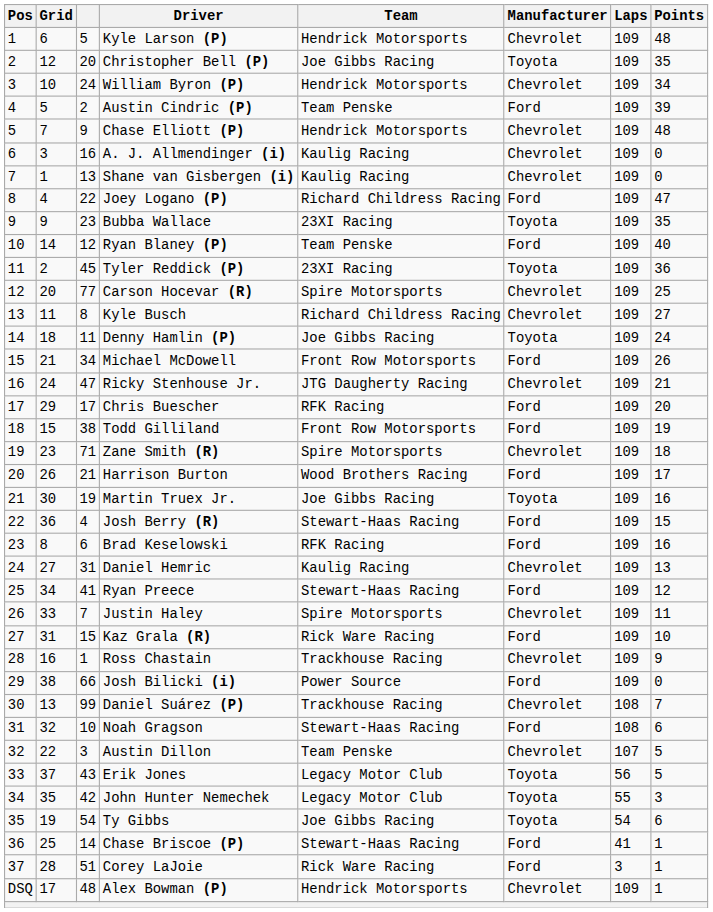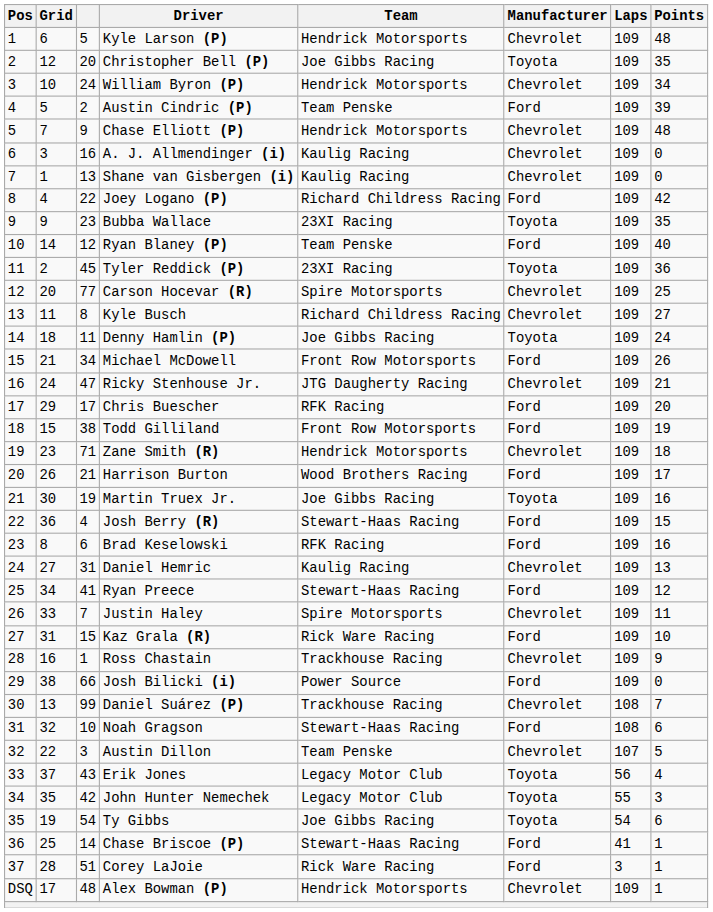 <table class="wikitable" style="font-size:98%">
 <tr>
 <th>Pos</th>
 <th>Grid</th>
 <th></th>
 <th>Driver</th>
 <th>Team</th>
 <th>Manufacturer</th>
 <th>Laps</th>
 <th>Points</th>
 </tr>
 <tr>
 <td>1</td>
 <td>6</td>
 <td>5</td>
 <td>Kyle Larson <strong>(P)</strong></td>
 <td>Hendrick Motorsports</td>
 <td>Chevrolet</td>
 <td>109</td>
 <td>48</td>
 </tr>
 <tr>
 <td>2</td>
 <td>12</td>
 <td>20</td>
 <td>Christopher Bell <strong>(P)</strong></td>
 <td>Joe Gibbs Racing</td>
 <td>Toyota</td>
 <td>109</td>
 <td>35</td>
 </tr>
 <tr>
 <td>3</td>
 <td>10</td>
 <td>24</td>
 <td>William Byron <strong>(P)</strong></td>
 <td>Hendrick Motorsports</td>
 <td>Chevrolet</td>
 <td>109</td>
 <td>34</td>
 </tr>
 <tr>
 <td>4</td>
 <td>5</td>
 <td>2</td>
 <td>Austin Cindric <strong>(P)</strong></td>
 <td>Team Penske</td>
 <td>Ford</td>
 <td>109</td>
 <td>39</td>
 </tr>
 <tr>
 <td>5</td>
 <td>7</td>
 <td>9</td>
 <td>Chase Elliott <strong>(P)</strong></td>
 <td>Hendrick Motorsports</td>
 <td>Chevrolet</td>
 <td>109</td>
 <td>48</td>
 </tr>
 <tr>
 <td>6</td>
 <td>3</td>
 <td>16</td>
 <td>A. J. Allmendinger <strong>(i)</strong></td>
 <td>Kaulig Racing</td>
 <td>Chevrolet</td>
 <td>109</td>
 <td>0</td>
 </tr>
 <tr>
 <td>7</td>
 <td>1</td>
 <td>13</td>
 <td>Shane van Gisbergen <strong>(i)</strong></td>
 <td>Kaulig Racing</td>
 <td>Chevrolet</td>
 <td>109</td>
 <td>0</td>
 </tr>
 <tr>
 <td>8</td>
 <td>4</td>
 <td>22</td>
 <td>Joey Logano <strong>(P)</strong></td>
 <td>Richard Childress Racing</td>
 <td>Ford</td>
 <td>109</td>
-<td>47</td>
+<td>42</td>
 </tr>
 <tr>
 <td>9</td>
 <td>9</td>
 <td>23</td>
 <td>Bubba Wallace</td>
 <td>23XI Racing</td>
 <td>Toyota</td>
 <td>109</td>
 <td>35</td>
 </tr>
 <tr>
 <td>10</td>
 <td>14</td>
 <td>12</td>
 <td>Ryan Blaney <strong>(P)</strong></td>
 <td>Team Penske</td>
 <td>Ford</td>
 <td>109</td>
 <td>40</td>
 </tr>
 <tr>
 <td>11</td>
 <td>2</td>
 <td>45</td>
 <td>Tyler Reddick <strong>(P)</strong></td>
 <td>23XI Racing</td>
 <td>Toyota</td>
 <td>109</td>
 <td>36</td>
 </tr>
 <tr>
 <td>12</td>
 <td>20</td>
 <td>77</td>
 <td>Carson Hocevar <strong>(R)</strong></td>
 <td>Spire Motorsports</td>
 <td>Chevrolet</td>
 <td>109</td>
 <td>25</td>
 </tr>
 <tr>
 <td>13</td>
 <td>11</td>
 <td>8</td>
 <td>Kyle Busch</td>
 <td>Richard Childress Racing</td>
 <td>Chevrolet</td>
 <td>109</td>
 <td>27</td>
 </tr>
 <tr>
 <td>14</td>
 <td>18</td>
 <td>11</td>
 <td>Denny Hamlin <strong>(P)</strong></td>
 <td>Joe Gibbs Racing</td>
 <td>Toyota</td>
 <td>109</td>
 <td>24</td>
 </tr>
 <tr>
 <td>15</td>
 <td>21</td>
 <td>34</td>
 <td>Michael McDowell</td>
 <td>Front Row Motorsports</td>
 <td>Ford</td>
 <td>109</td>
 <td>26</td>
 </tr>
 <tr>
 <td>16</td>
 <td>24</td>
 <td>47</td>
 <td>Ricky Stenhouse Jr.</td>
 <td>JTG Daugherty Racing</td>
 <td>Chevrolet</td>
 <td>109</td>
 <td>21</td>
 </tr>
 <tr>
 <td>17</td>
 <td>29</td>
 <td>17</td>
 <td>Chris Buescher</td>
 <td>RFK Racing</td>
 <td>Ford</td>
 <td>109</td>
 <td>20</td>
 </tr>
 <tr>
 <td>18</td>
 <td>15</td>
 <td>38</td>
 <td>Todd Gilliland</td>
 <td>Front Row Motorsports</td>
 <td>Ford</td>
 <td>109</td>
 <td>19</td>
 </tr>
 <tr>
 <td>19</td>
 <td>23</td>
 <td>71</td>
 <td>Zane Smith <strong>(R)</strong></td>
-<td>Spire Motorsports</td>
+<td>Hendrick Motorsports</td>
 <td>Chevrolet</td>
 <td>109</td>
 <td>18</td>
 </tr>
 <tr>
 <td>20</td>
 <td>26</td>
 <td>21</td>
 <td>Harrison Burton</td>
 <td>Wood Brothers Racing</td>
 <td>Ford</td>
 <td>109</td>
 <td>17</td>
 </tr>
 <tr>
 <td>21</td>
 <td>30</td>
 <td>19</td>
 <td>Martin Truex Jr.</td>
 <td>Joe Gibbs Racing</td>
 <td>Toyota</td>
 <td>109</td>
 <td>16</td>
 </tr>
 <tr>
 <td>22</td>
 <td>36</td>
 <td>4</td>
 <td>Josh Berry <strong>(R)</strong></td>
 <td>Stewart-Haas Racing</td>
 <td>Ford</td>
 <td>109</td>
 <td>15</td>
 </tr>
 <tr>
 <td>23</td>
 <td>8</td>
 <td>6</td>
 <td>Brad Keselowski</td>
 <td>RFK Racing</td>
 <td>Ford</td>
 <td>109</td>
 <td>16</td>
 </tr>
 <tr>
 <td>24</td>
 <td>27</td>
 <td>31</td>
 <td>Daniel Hemric</td>
 <td>Kaulig Racing</td>
 <td>Chevrolet</td>
 <td>109</td>
 <td>13</td>
 </tr>
 <tr>
 <td>25</td>
 <td>34</td>
 <td>41</td>
 <td>Ryan Preece</td>
 <td>Stewart-Haas Racing</td>
 <td>Ford</td>
 <td>109</td>
 <td>12</td>
 </tr>
 <tr>
 <td>26</td>
 <td>33</td>
 <td>7</td>
 <td>Justin Haley</td>
 <td>Spire Motorsports</td>
 <td>Chevrolet</td>
 <td>109</td>
 <td>11</td>
 </tr>
 <tr>
 <td>27</td>
 <td>31</td>
 <td>15</td>
 <td>Kaz Grala <strong>(R)</strong></td>
 <td>Rick Ware Racing</td>
 <td>Ford</td>
 <td>109</td>
 <td>10</td>
 </tr>
 <tr>
 <td>28</td>
 <td>16</td>
 <td>1</td>
 <td>Ross Chastain</td>
 <td>Trackhouse Racing</td>
 <td>Chevrolet</td>
 <td>109</td>
 <td>9</td>
 </tr>
 <tr>
 <td>29</td>
 <td>38</td>
 <td>66</td>
 <td>Josh Bilicki <strong>(i)</strong></td>
 <td>Power Source</td>
 <td>Ford</td>
 <td>109</td>
 <td>0</td>
 </tr>
 <tr>
 <td>30</td>
 <td>13</td>
 <td>99</td>
 <td>Daniel Suárez <strong>(P)</strong></td>
 <td>Trackhouse Racing</td>
 <td>Chevrolet</td>
 <td>108</td>
 <td>7</td>
 </tr>
 <tr>
 <td>31</td>
 <td>32</td>
 <td>10</td>
 <td>Noah Gragson</td>
 <td>Stewart-Haas Racing</td>
 <td>Ford</td>
 <td>108</td>
 <td>6</td>
 </tr>
 <tr>
 <td>32</td>
 <td>22</td>
 <td>3</td>
 <td>Austin Dillon</td>
 <td>Team Penske</td>
 <td>Chevrolet</td>
 <td>107</td>
 <td>5</td>
 </tr>
 <tr>
 <td>33</td>
 <td>37</td>
 <td>43</td>
 <td>Erik Jones</td>
 <td>Legacy Motor Club</td>
 <td>Toyota</td>
 <td>56</td>
-<td>5</td>
+<td>4</td>
 </tr>
 <tr>
 <td>34</td>
 <td>35</td>
 <td>42</td>
 <td>John Hunter Nemechek</td>
 <td>Legacy Motor Club</td>
 <td>Toyota</td>
 <td>55</td>
 <td>3</td>
 </tr>
 <tr>
 <td>35</td>
 <td>19</td>
 <td>54</td>
 <td>Ty Gibbs</td>
 <td>Joe Gibbs Racing</td>
 <td>Toyota</td>
 <td>54</td>
 <td>6</td>
 </tr>
 <tr>
 <td>36</td>
 <td>25</td>
 <td>14</td>
 <td>Chase Briscoe <strong>(P)</strong></td>
 <td>Stewart-Haas Racing</td>
 <td>Ford</td>
 <td>41</td>
 <td>1</td>
 </tr>
 <tr>
 <td>37</td>
 <td>28</td>
 <td>51</td>
 <td>Corey LaJoie</td>
 <td>Rick Ware Racing</td>
 <td>Ford</td>
 <td>3</td>
 <td>1</td>
 </tr>
 <tr>
 <td>DSQ</td>
 <td>17</td>
 <td>48</td>
 <td>Alex Bowman <strong>(P)</strong></td>
 <td>Hendrick Motorsports</td>
 <td>Chevrolet</td>
 <td>109</td>
 <td>1</td>
 </tr>
 <tr>
 <th colspan="8"></th>
 </tr>
 </table>
